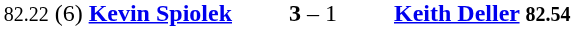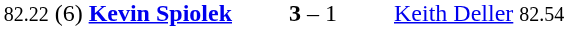 <table style="text-align:center">
 <tr>
 <th width=223></th>
 <th width=100></th>
 <th width=223></th>
 </tr>
 <tr>
 <td align=right><small>82.22</small> (6) <strong><a href='#'>Kevin Spiolek</a></strong> </td>
 <td><strong>3</strong> – 1</td>
-<td align=left><strong> <a href='#'>Keith Deller</a> <small>82.54</small></strong></td>
+<td align=left> <a href='#'>Keith Deller</a> <small>82.54</small></td>
 </tr>
 </table>
